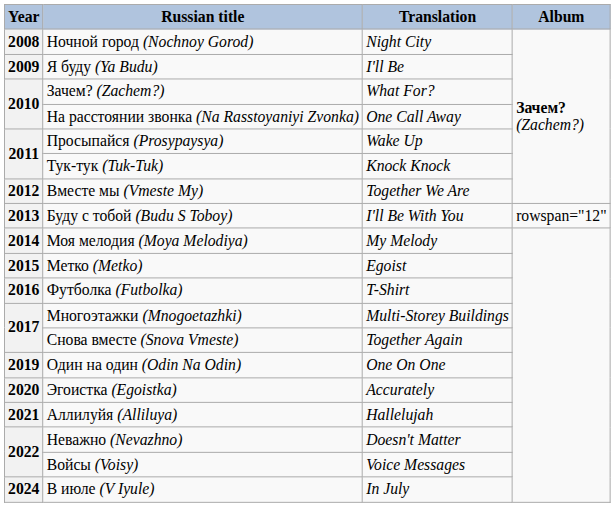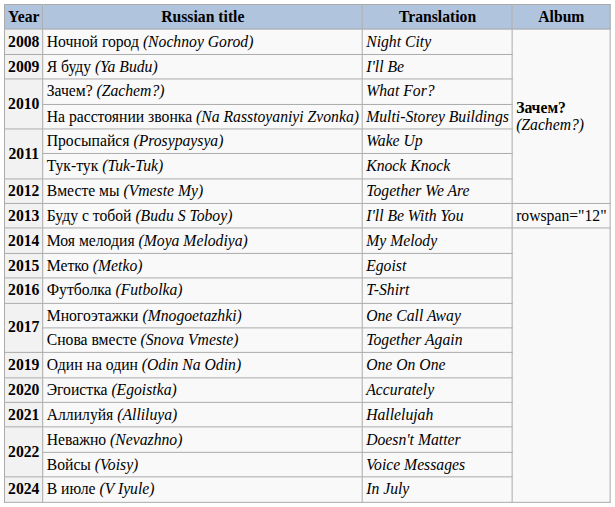 <table class="wikitable">
 <tr>
 <th style="background:#B0C4DE;">Year</th>
 <th style="background:#B0C4DE;">Russian title</th>
 <th style="background:#B0C4DE;">Translation</th>
 <th style="background:#B0C4DE;">Album</th>
 </tr>
 <tr>
 <th>2008</th>
 <td>Ночной город <em>(Nochnoy Gorod)</em></td>
 <td><em>Night City</em></td>
 <td rowspan="7"><strong>Зачем?</strong><br><em>(Zachem?)</em></td>
 </tr>
 <tr>
 <th>2009</th>
 <td>Я буду <em>(Ya Budu)</em></td>
 <td><em>I'll Be</em></td>
 </tr>
 <tr>
 <th rowspan="2">2010</th>
 <td>Зачем? <em>(Zachem?)</em></td>
 <td><em>What For?</em></td>
 </tr>
 <tr>
 <td>На расстоянии звонка <em>(Na Rasstoyaniyi Zvonka)</em></td>
-<td><em>One Call Away</em></td>
+<td><em>Multi-Storey Buildings</em></td>
 </tr>
 <tr>
 <th rowspan="2">2011</th>
 <td>Просыпайся <em>(Prosypaysya)</em></td>
 <td><em>Wake Up</em></td>
 </tr>
 <tr>
 <td>Тук-тук <em>(Tuk-Tuk)</em></td>
 <td><em>Knock Knock</em></td>
 </tr>
 <tr>
 <th>2012</th>
 <td>Вместе мы <em>(Vmeste My)</em></td>
 <td><em>Together We Are</em></td>
 </tr>
 <tr>
 <th>2013</th>
 <td>Буду с тобой <em>(Budu S Toboy)</em></td>
 <td><em>I'll Be With You</em></td>
 <td>rowspan="12" </td>
 </tr>
 <tr>
 <th>2014</th>
 <td>Моя мелодия <em>(Moya Melodiya)</em></td>
 <td><em>My Melody</em></td>
 </tr>
 <tr>
 <th>2015</th>
 <td>Метко <em>(Metko)</em></td>
 <td><em>Egoist</em></td>
 </tr>
 <tr>
 <th>2016</th>
 <td>Футболка <em>(Futbolka)</em></td>
 <td><em>T-Shirt</em></td>
 </tr>
 <tr>
 <th rowspan="2">2017</th>
 <td>Многоэтажки <em>(Mnogoetazhki)</em></td>
-<td><em>Multi-Storey Buildings</em></td>
+<td><em>One Call Away</em></td>
 </tr>
 <tr>
 <td>Снова вместе <em>(Snova Vmeste)</em></td>
 <td><em>Together Again</em></td>
 </tr>
 <tr>
 <th>2019</th>
 <td>Один на один <em>(Odin Na Odin)</em></td>
 <td><em>One On One</em></td>
 </tr>
 <tr>
 <th>2020</th>
 <td>Эгоистка <em>(Egoistka)</em></td>
 <td><em>Accurately</em></td>
 </tr>
 <tr>
 <th>2021</th>
 <td>Аллилуйя <em>(Alliluya)</em></td>
 <td><em>Hallelujah</em></td>
 </tr>
 <tr>
 <th rowspan="2">2022</th>
 <td>Неважно <em>(Nevazhno)</em></td>
 <td><em>Doesn't Matter</em></td>
 </tr>
 <tr>
 <td>Войсы <em>(Voisy)</em></td>
 <td><em>Voice Messages</em></td>
 </tr>
 <tr>
 <th>2024</th>
 <td>В июле <em>(V Iyule)</em></td>
 <td><em>In July</em></td>
 </tr>
 </table>
